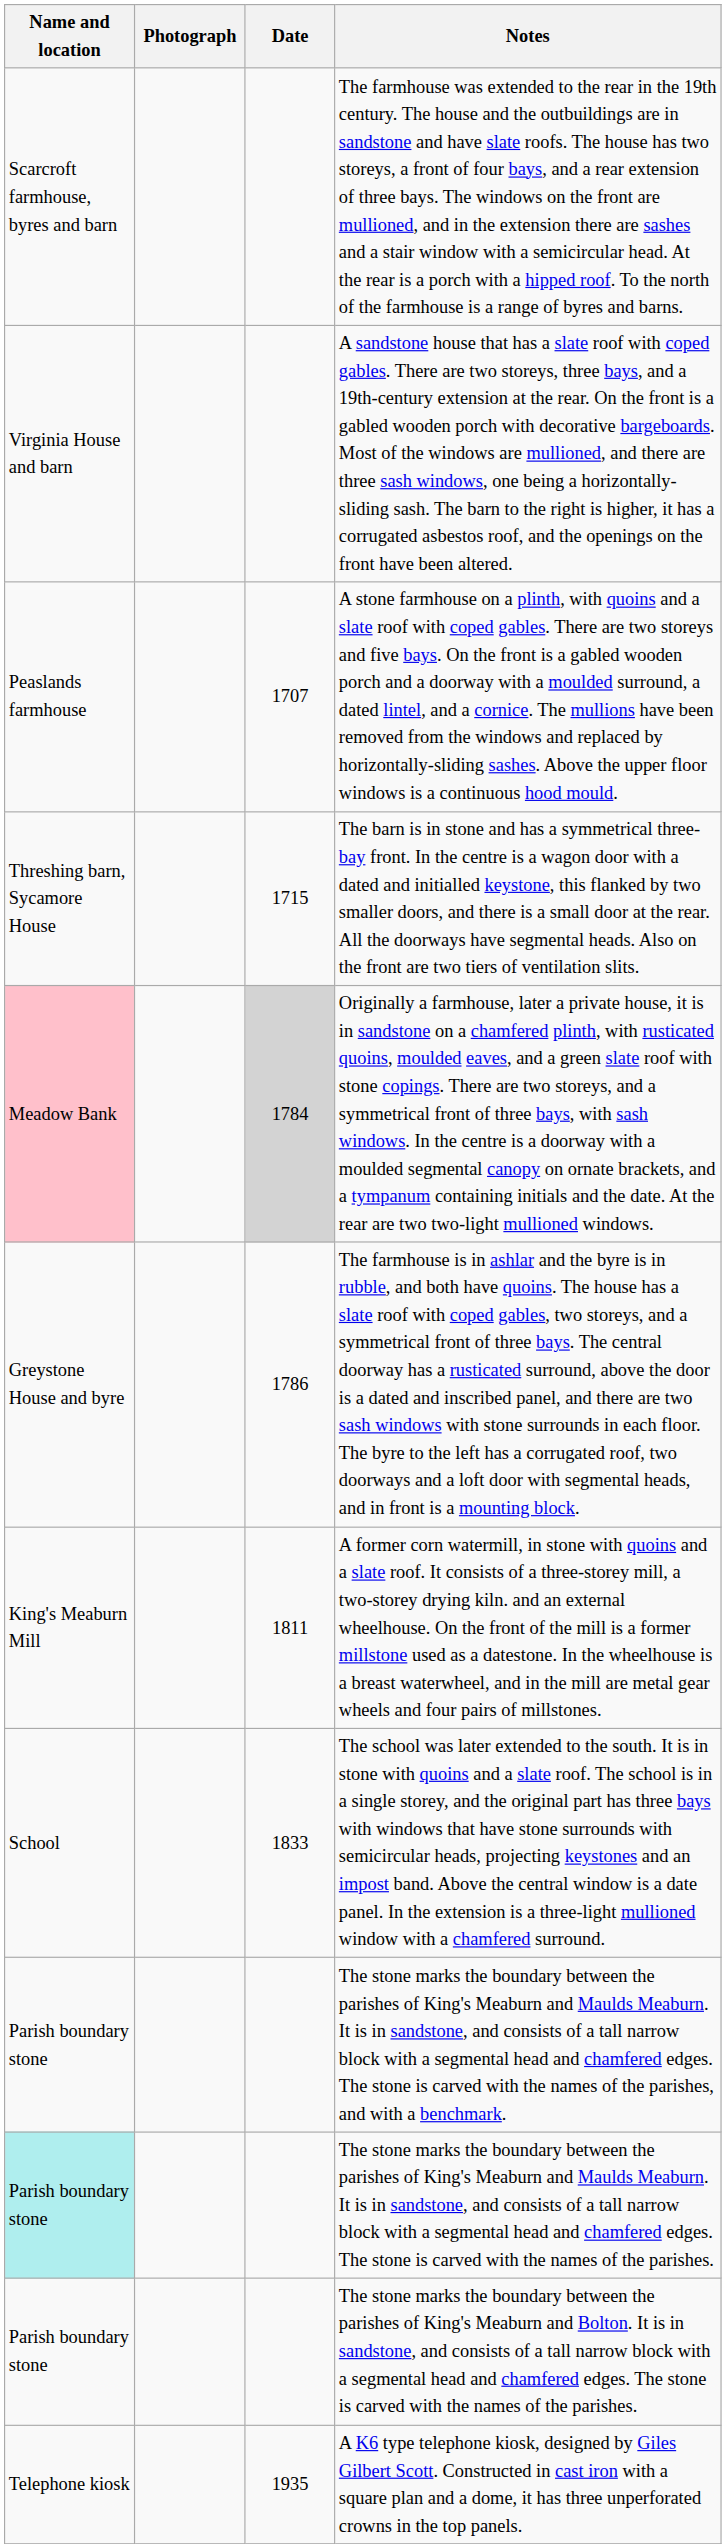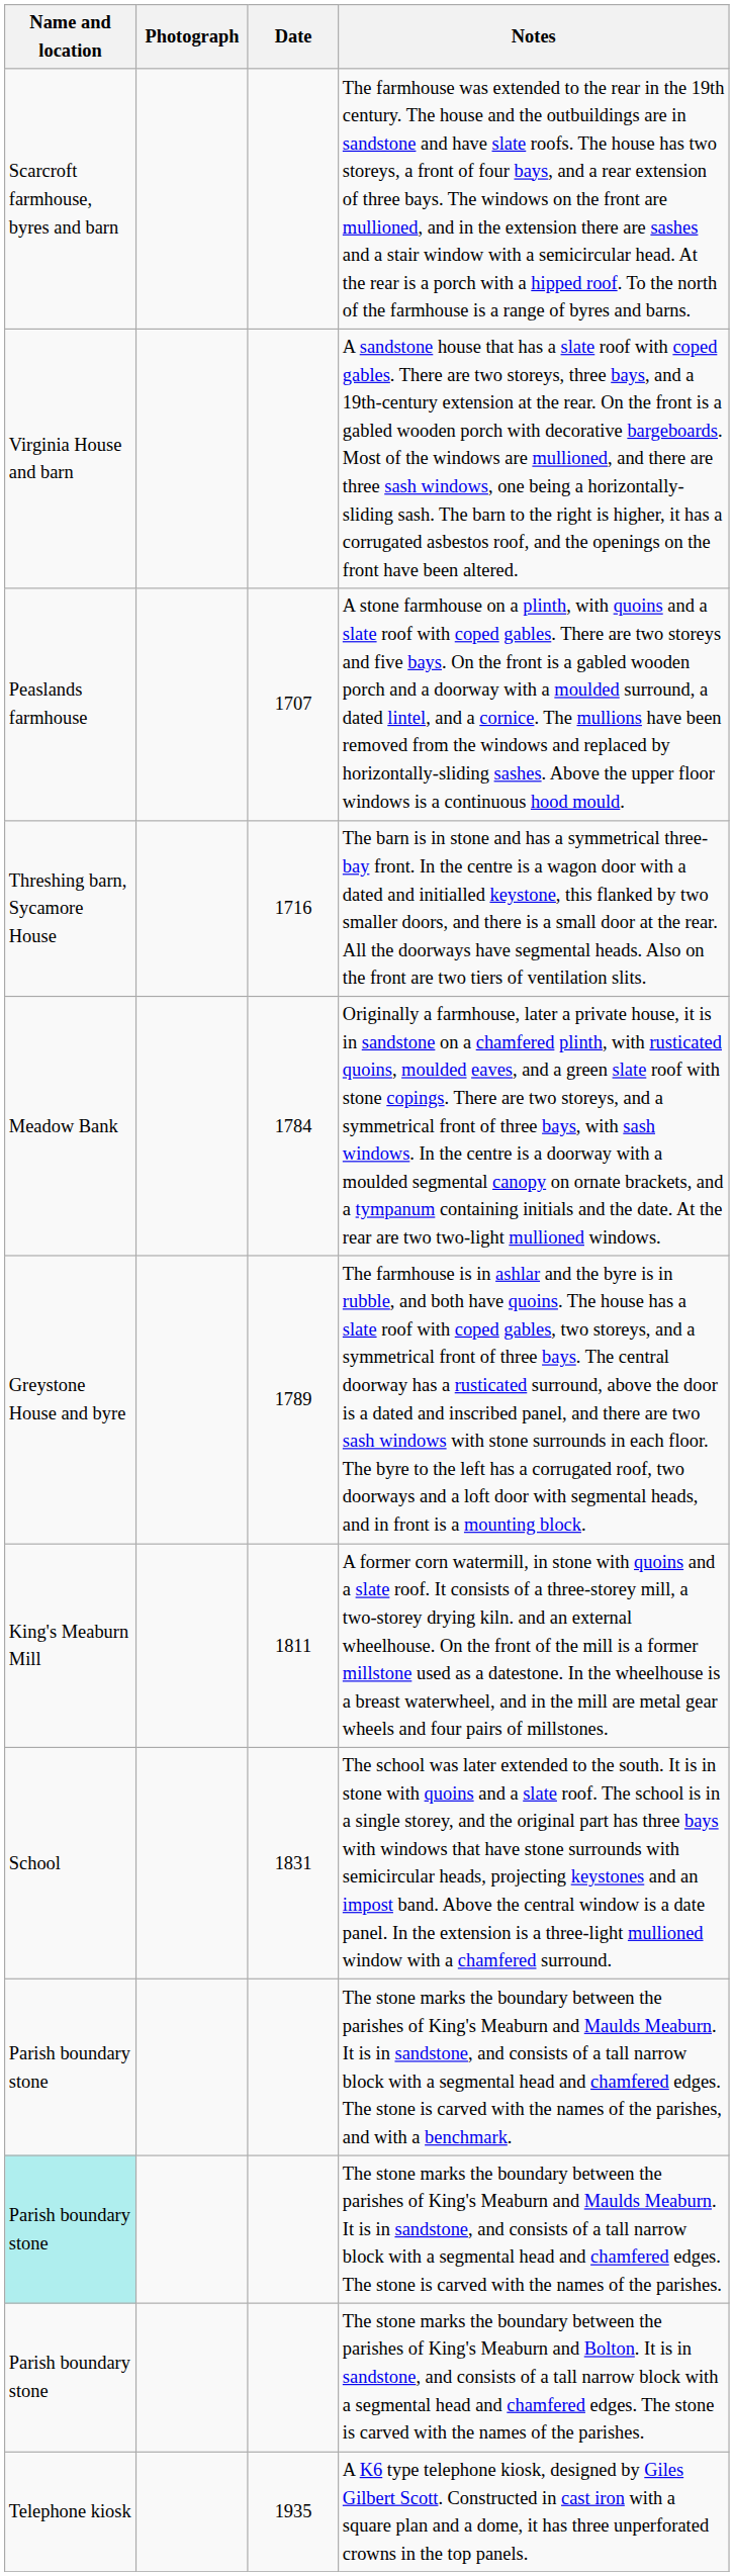 <table class="wikitable sortable plainrowheaders" style="width:100%;border:0px;text-align:left;line-height:150%;">
 <tr>
 <th scope="col"  style="width:150px">Name and location</th>
 <th scope="col"  style="width:100px" class="unsortable">Photograph</th>
 <th scope="col"  style="width:120px">Date</th>
 <th scope="col"  style="width:650px" class="unsortable">Notes</th>
 </tr>
 <tr>
 <td>Scarcroft farmhouse, byres and barn<br><small></small></td>
 <td></td>
 <td align="center"></td>
 <td>The farmhouse was extended to the rear in the 19th century.  The house and the outbuildings are in <a href='#'>sandstone</a> and have <a href='#'>slate</a> roofs.  The house has two storeys, a front of four <a href='#'>bays</a>, and a rear extension of three bays.  The windows on the front are <a href='#'>mullioned</a>, and in the extension there are <a href='#'>sashes</a> and a stair window with a semicircular head. At the rear is a porch with a <a href='#'>hipped roof</a>.  To the north of the farmhouse is a range of byres and barns.</td>
 </tr>
 <tr>
 <td>Virginia House and barn<br><small></small></td>
 <td></td>
 <td align="center"></td>
 <td>A <a href='#'>sandstone</a> house that has a <a href='#'>slate</a> roof with <a href='#'>coped</a> <a href='#'>gables</a>.  There are two storeys, three <a href='#'>bays</a>, and a 19th-century extension at the rear.  On the front is a gabled wooden porch with decorative <a href='#'>bargeboards</a>.  Most of the windows are <a href='#'>mullioned</a>, and there are three <a href='#'>sash windows</a>, one being a horizontally-sliding sash.  The barn to the right is higher, it has a corrugated asbestos roof, and the openings on the front have been altered.</td>
 </tr>
 <tr>
 <td>Peaslands farmhouse<br><small></small></td>
 <td></td>
 <td align="center">1707</td>
 <td>A stone farmhouse on a <a href='#'>plinth</a>, with <a href='#'>quoins</a> and a <a href='#'>slate</a> roof with <a href='#'>coped</a> <a href='#'>gables</a>.  There are two storeys and five <a href='#'>bays</a>.  On the front is a gabled wooden porch and a doorway with a <a href='#'>moulded</a> surround, a dated <a href='#'>lintel</a>, and a <a href='#'>cornice</a>.  The <a href='#'>mullions</a> have been removed from the windows and replaced by horizontally-sliding <a href='#'>sashes</a>.  Above the upper floor windows is a continuous <a href='#'>hood mould</a>.</td>
 </tr>
 <tr>
 <td>Threshing barn, Sycamore House<br><small></small></td>
 <td></td>
-<td align="center">1715</td>
+<td align="center">1716</td>
 <td>The barn is in stone and has a symmetrical three-<a href='#'>bay</a> front.  In the centre is a wagon door with a dated and initialled <a href='#'>keystone</a>, this flanked by two smaller doors, and there is a small door at the rear.  All the doorways have segmental heads.  Also on the front are two tiers of ventilation slits.</td>
 </tr>
 <tr>
-<td style="background: pink;">Meadow Bank<br><small></small></td>
+<td>Meadow Bank<br><small></small></td>
 <td></td>
-<td align="center" style="background: lightgrey;">1784</td>
+<td align="center">1784</td>
 <td>Originally a farmhouse, later a private house, it is in <a href='#'>sandstone</a> on a <a href='#'>chamfered</a> <a href='#'>plinth</a>, with <a href='#'>rusticated</a> <a href='#'>quoins</a>, <a href='#'>moulded</a> <a href='#'>eaves</a>, and a green <a href='#'>slate</a> roof with stone <a href='#'>copings</a>.  There are two storeys, and a symmetrical front of three <a href='#'>bays</a>, with <a href='#'>sash windows</a>.  In the centre is a doorway with a moulded segmental <a href='#'>canopy</a> on ornate brackets, and a <a href='#'>tympanum</a> containing initials and the date.  At the rear are two two-light <a href='#'>mullioned</a> windows.</td>
 </tr>
 <tr>
 <td>Greystone House and byre<br><small></small></td>
 <td></td>
-<td align="center">1786</td>
+<td align="center">1789</td>
 <td>The farmhouse is in <a href='#'>ashlar</a> and the byre is in <a href='#'>rubble</a>, and both have <a href='#'>quoins</a>.  The house has a <a href='#'>slate</a> roof with <a href='#'>coped</a> <a href='#'>gables</a>, two storeys, and a symmetrical front of three <a href='#'>bays</a>.  The central doorway has a <a href='#'>rusticated</a> surround, above the door is a dated and inscribed panel, and there are two <a href='#'>sash windows</a> with stone surrounds in each floor.  The byre to the left has a corrugated roof, two doorways and a loft door with segmental heads, and in front is a <a href='#'>mounting block</a>.</td>
 </tr>
 <tr>
 <td>King's Meaburn Mill<br><small></small></td>
 <td></td>
 <td align="center">1811</td>
 <td>A former corn watermill, in stone with <a href='#'>quoins</a> and a <a href='#'>slate</a> roof.  It consists of a three-storey mill, a two-storey drying kiln. and an external wheelhouse.  On the front of the mill is a former <a href='#'>millstone</a> used as a datestone.  In the wheelhouse is a breast waterwheel, and in the mill are metal gear wheels and four pairs of millstones.</td>
 </tr>
 <tr>
 <td>School<br><small></small></td>
 <td></td>
-<td align="center">1833</td>
+<td align="center">1831</td>
 <td>The school was later extended to the south.  It is in stone with <a href='#'>quoins</a> and a <a href='#'>slate</a> roof.  The school is in a single storey, and the original part has three <a href='#'>bays</a> with windows that have stone surrounds with semicircular heads, projecting <a href='#'>keystones</a> and an <a href='#'>impost</a> band.  Above the central window is a date panel.  In the extension is a three-light <a href='#'>mullioned</a> window with a <a href='#'>chamfered</a> surround.</td>
 </tr>
 <tr>
 <td>Parish boundary stone<br><small></small></td>
 <td></td>
 <td align="center"></td>
 <td>The stone marks the boundary between the parishes of King's Meaburn and <a href='#'>Maulds Meaburn</a>.  It is in <a href='#'>sandstone</a>, and consists of a tall narrow block with a segmental head and <a href='#'>chamfered</a> edges.  The stone is carved with the names of the parishes, and with a <a href='#'>benchmark</a>.</td>
 </tr>
 <tr>
 <td style="background: paleturquoise;">Parish boundary stone<br><small></small></td>
 <td></td>
 <td align="center"></td>
 <td>The stone marks the boundary between the parishes of King's Meaburn and <a href='#'>Maulds Meaburn</a>.  It is in <a href='#'>sandstone</a>, and consists of a tall narrow block with a segmental head and <a href='#'>chamfered</a> edges.  The stone is carved with the names of the parishes.</td>
 </tr>
 <tr>
 <td>Parish boundary stone<br><small></small></td>
 <td></td>
 <td align="center"></td>
 <td>The stone marks the boundary between the parishes of King's Meaburn and <a href='#'>Bolton</a>.  It is in <a href='#'>sandstone</a>, and consists of a tall narrow block with a segmental head and <a href='#'>chamfered</a> edges.  The stone is carved with the names of the parishes.</td>
 </tr>
 <tr>
 <td>Telephone kiosk<br><small></small></td>
 <td></td>
 <td align="center">1935</td>
 <td>A <a href='#'>K6</a> type telephone kiosk, designed by <a href='#'>Giles Gilbert Scott</a>.  Constructed in <a href='#'>cast iron</a> with a square plan and a dome, it has three unperforated crowns in the top panels.</td>
 </tr>
 <tr>
 </tr>
 </table>
